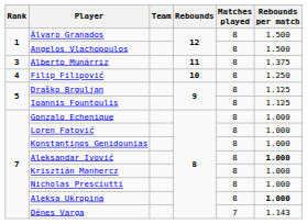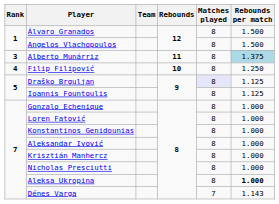 <table class="wikitable sortable" style="text-align: center; font-size: 90%; margin-left: 1em;">
 <tr>
 <th>Rank</th>
 <th>Player</th>
 <th>Team</th>
 <th>Rebounds</th>
 <th>Matches<br>played</th>
 <th>Rebounds<br>per match</th>
 </tr>
 <tr>
 <td rowspan="2"><strong>1</strong></td>
 <td style="text-align: left;" data-sort-value="Granados, Álvaro"><a href='#'>Álvaro Granados</a></td>
 <td style="text-align: left;"></td>
 <td rowspan="2"><strong>12</strong></td>
 <td>8</td>
 <td>1.500</td>
 </tr>
 <tr>
 <td style="text-align: left;" data-sort-value="Vlachopoulos, Angelos"><a href='#'>Angelos Vlachopoulos</a></td>
 <td style="text-align: left;"></td>
 <td>8</td>
 <td>1.500</td>
 </tr>
 <tr>
 <td><strong>3</strong></td>
 <td style="text-align: left;" data-sort-value="Munárriz, Alberto"><a href='#'>Alberto Munárriz</a></td>
 <td style="text-align: left;"></td>
 <td><strong>11</strong></td>
 <td>8</td>
-<td>1.375</td>
+<td style="background: lightblue;">1.375</td>
 </tr>
 <tr>
 <td><strong>4</strong></td>
 <td style="text-align: left;" data-sort-value="Filipović, Filip"><a href='#'>Filip Filipović</a></td>
 <td style="text-align: left;"></td>
 <td><strong>10</strong></td>
 <td>8</td>
 <td>1.250</td>
 </tr>
 <tr>
 <td rowspan="2"><strong>5</strong></td>
 <td style="text-align: left;" data-sort-value="Brguljan, Draško"><a href='#'>Draško Brguljan</a></td>
 <td style="text-align: left;"></td>
 <td rowspan="2"><strong>9</strong></td>
-<td>8</td>
+<td style="background: lavender;">8</td>
 <td>1.125</td>
 </tr>
 <tr>
 <td style="text-align: left;" data-sort-value="Fountoulis, Ioannis"><a href='#'>Ioannis Fountoulis</a></td>
 <td style="text-align: left;"></td>
 <td>8</td>
 <td>1.125</td>
 </tr>
 <tr>
 <td rowspan="8"><strong>7</strong></td>
 <td style="text-align: left;" data-sort-value="Echenique, Gonzalo"><a href='#'>Gonzalo Echenique</a></td>
 <td style="text-align: left;"></td>
 <td rowspan="8"><strong>8</strong></td>
 <td>8</td>
 <td>1.000</td>
 </tr>
 <tr>
 <td style="text-align: left;" data-sort-value="Fatović, Loren"><a href='#'>Loren Fatović</a></td>
 <td style="text-align: left;"></td>
 <td>8</td>
 <td>1.000</td>
 </tr>
 <tr>
 <td style="text-align: left;" data-sort-value="Genidounias, Konstantinos"><a href='#'>Konstantinos Genidounias</a></td>
 <td style="text-align: left;"></td>
 <td>8</td>
 <td>1.000</td>
 </tr>
 <tr>
 <td style="text-align: left;" data-sort-value="Ivović, Aleksandar"><a href='#'>Aleksandar Ivović</a></td>
 <td style="text-align: left;"></td>
 <td>8</td>
-<td><strong>1.000</strong></td>
+<td>1.000</td>
 </tr>
 <tr>
 <td style="text-align: left;" data-sort-value="Manhercz, Krisztián"><a href='#'>Krisztián Manhercz</a></td>
 <td style="text-align: left;"></td>
 <td>8</td>
 <td>1.000</td>
 </tr>
 <tr>
 <td style="text-align: left;" data-sort-value="Presciutti, Nicholas"><a href='#'>Nicholas Presciutti</a></td>
 <td style="text-align: left;"></td>
 <td>8</td>
 <td>1.000</td>
 </tr>
 <tr>
 <td style="text-align: left;" data-sort-value="Ukropina, Aleksa"><a href='#'>Aleksa Ukropina</a></td>
 <td style="text-align: left;"></td>
 <td>8</td>
 <td><strong>1.000</strong></td>
 </tr>
 <tr>
 <td style="text-align: left;" data-sort-value="Varga, Dénes"><a href='#'>Dénes Varga</a></td>
 <td style="text-align: left;"></td>
 <td>7</td>
 <td>1.143</td>
 </tr>
 </table>
